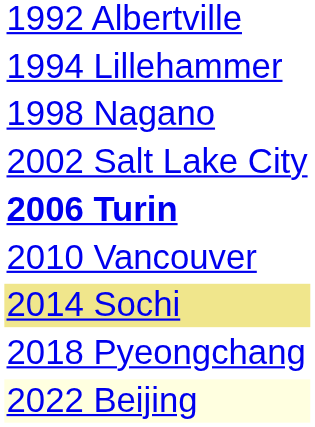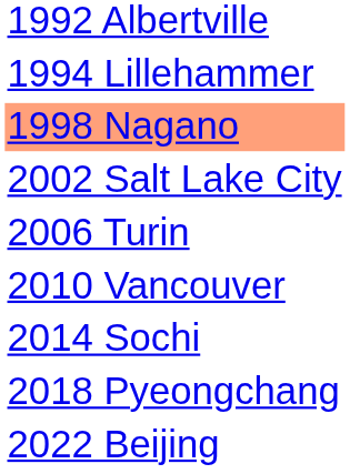 <table>
 <tr valign="top">
 <td><a href='#'>1992 Albertville</a><br></td>
 <td></td>
 <td></td>
 <td></td>
 </tr>
 <tr valign="top">
 <td><a href='#'>1994 Lillehammer</a><br></td>
 <td></td>
 <td></td>
 <td></td>
 </tr>
 <tr valign="top">
-<td><a href='#'>1998 Nagano</a><br></td>
+<td style="background: lightsalmon;"><a href='#'>1998 Nagano</a><br></td>
 <td></td>
 <td></td>
 <td></td>
 </tr>
 <tr valign="top">
 <td><a href='#'>2002 Salt Lake City</a><br></td>
 <td></td>
 <td></td>
 <td></td>
 </tr>
 <tr valign="top">
-<td><strong><a href='#'>2006 Turin</a><br></strong></td>
+<td><a href='#'>2006 Turin</a><br></td>
 <td></td>
 <td></td>
 <td></td>
 </tr>
 <tr valign="top">
 <td><a href='#'>2010 Vancouver</a><br></td>
 <td></td>
 <td></td>
 <td></td>
 </tr>
 <tr valign="top">
-<td style="background: khaki;"><a href='#'>2014 Sochi</a><br></td>
+<td><a href='#'>2014 Sochi</a><br></td>
 <td></td>
 <td></td>
 <td></td>
 </tr>
 <tr valign="top">
 <td><a href='#'>2018 Pyeongchang</a><br></td>
 <td></td>
 <td></td>
 <td></td>
 </tr>
 <tr valign="top">
-<td style="background: lightyellow;"><a href='#'>2022 Beijing</a><br></td>
+<td><a href='#'>2022 Beijing</a><br></td>
 <td></td>
 <td></td>
 <td></td>
 </tr>
 <tr>
 </tr>
 </table>
